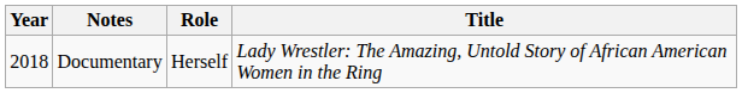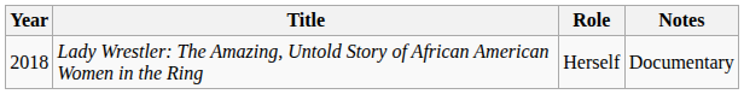 <table class="wikitable sortable">
 <tr>
 <th>Year</th>
+<th>Title</th>
+<th>Role</th>
 <th class="unsortable">Notes</th>
-<th>Role</th>
-<th>Title</th>
 </tr>
 <tr>
 <td>2018</td>
+<td><em>Lady Wrestler: The Amazing, Untold Story of African American Women in the Ring</em></td>
+<td>Herself</td>
 <td>Documentary</td>
-<td>Herself</td>
-<td><em>Lady Wrestler: The Amazing, Untold Story of African American Women in the Ring</em></td>
 </tr>
 </table>
